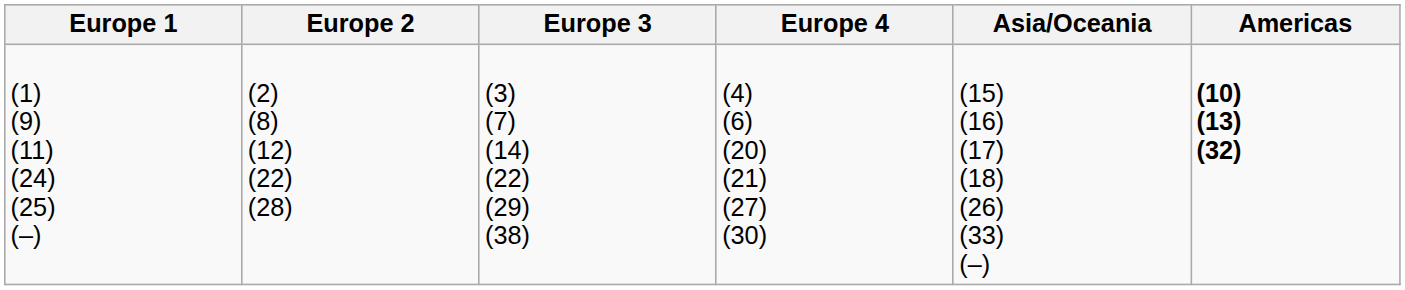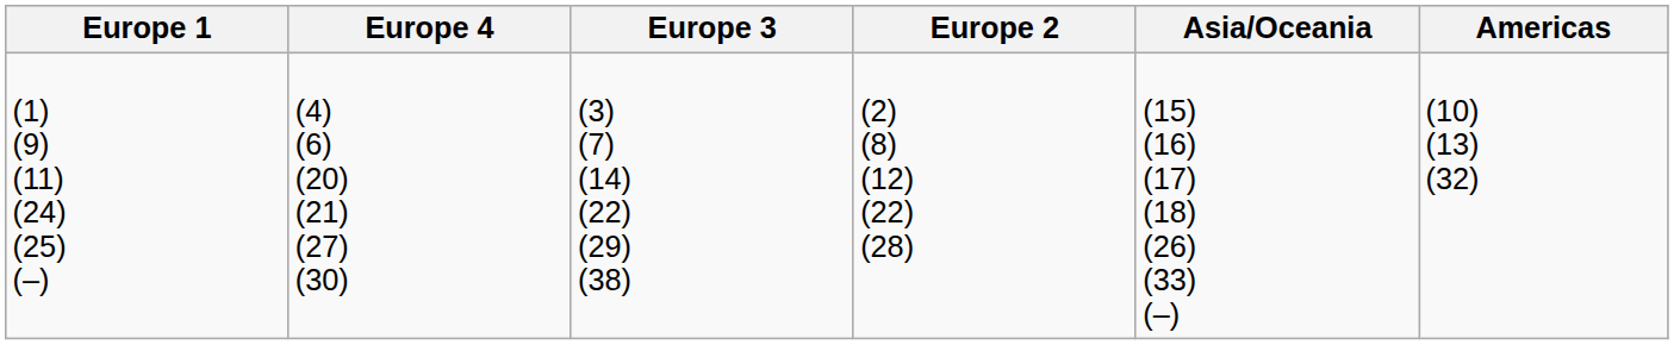 <table class="wikitable" style="width:100%;">
 <tr>
 <th width=17%>Europe 1</th>
+<th width=17%>Europe 4</th>
+<th width=17%>Europe 3</th>
 <th width=17%>Europe 2</th>
-<th width=17%>Europe 3</th>
-<th width=17%>Europe 4</th>
 <th width=17%>Asia/Oceania</th>
 <th width=17%>Americas</th>
 </tr>
 <tr>
 <td valign=top><br> (1)<br>  (9)<br>  (11)<br>  (24)<br>  (25)<br>  (–)</td>
+<td valign=top><br> (4)<br>  (6)<br>  (20)<br>  (21)<br>  (27)<br>  (30)</td>
+<td valign=top><br> (3)<br>  (7)<br>  (14)<br>  (22)<br>  (29)<br>  (38)</td>
 <td valign=top><br> (2)<br>  (8)<br>  (12)<br>  (22)<br>  (28)</td>
-<td valign=top><br> (3)<br>  (7)<br>  (14)<br>  (22)<br>  (29)<br>  (38)</td>
-<td valign=top><br> (4)<br>  (6)<br>  (20)<br>  (21)<br>  (27)<br>  (30)</td>
 <td valign=top><br> (15)<br>  (16)<br>  (17)<br>  (18)<br>  (26)<br>  (33)<br>  (–)<br></td>
-<td valign=top><strong><br> (10)<br>  (13)<br>  (32)</strong></td>
+<td valign=top><br> (10)<br>  (13)<br>  (32)</td>
 </tr>
 </table>
